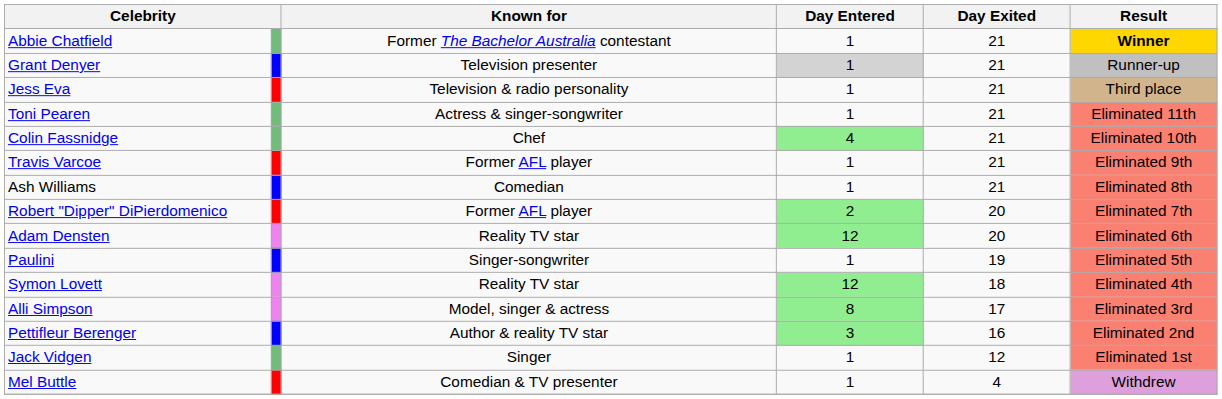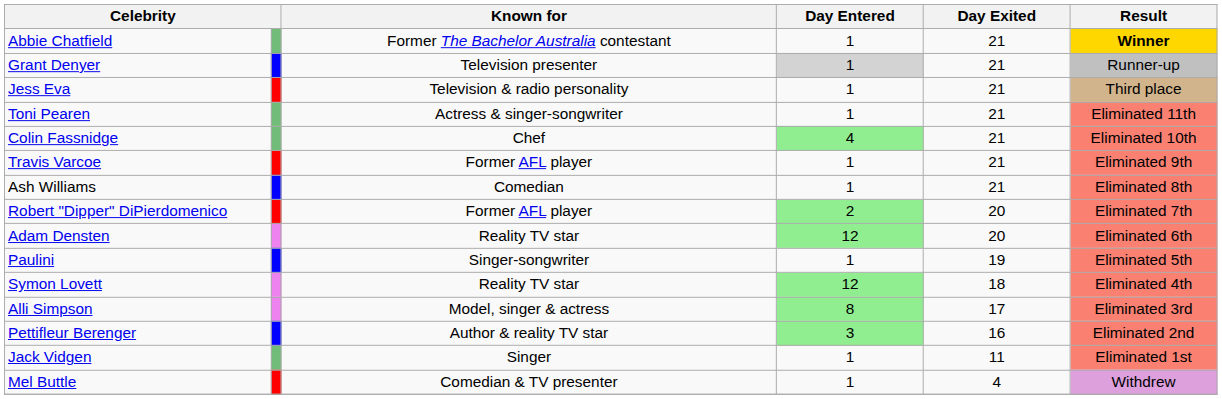 <table class="wikitable" style="margin:auto; text-align:center;">
 <tr>
 <th style="width:15%;" colspan="2">Celebrity</th>
 <th style="width:27%;" scope="col">Known for</th>
 <th style="width:8%;" scope="col">Day Entered</th>
 <th style="width:8%;" scope="col">Day Exited</th>
 <th style="width:8%;" scope="col">Result</th>
 </tr>
 <tr>
 <td align=left><a href='#'>Abbie Chatfield</a></td>
 <td style=background:#71BC78></td>
 <td>Former <em><a href='#'>The Bachelor Australia</a></em> contestant</td>
 <td>1</td>
 <td>21</td>
 <td style=background:gold><strong>Winner</strong></td>
 </tr>
 <tr>
 <td align=left><a href='#'>Grant Denyer</a></td>
 <td style=background:blue></td>
 <td>Television presenter</td>
 <td style="background: lightgrey;">1</td>
 <td>21</td>
 <td style=background:silver>Runner-up</td>
 </tr>
 <tr>
 <td align=left><a href='#'>Jess Eva</a></td>
 <td style=background:red></td>
 <td>Television & radio personality</td>
 <td>1</td>
 <td>21</td>
 <td style=background:tan>Third place</td>
 </tr>
 <tr>
 <td align=left><a href='#'>Toni Pearen</a></td>
 <td style=background:#71BC78></td>
 <td>Actress & singer-songwriter</td>
 <td>1</td>
 <td>21</td>
 <td style="background:salmon">Eliminated 11th</td>
 </tr>
 <tr>
 <td align=left><a href='#'>Colin Fassnidge</a></td>
 <td style=background:#71BC78></td>
 <td>Chef</td>
 <td style=background:lightgreen>4</td>
 <td>21</td>
 <td style="background:salmon">Eliminated 10th</td>
 </tr>
 <tr>
 <td align=left><a href='#'>Travis Varcoe</a></td>
 <td style=background:red></td>
 <td>Former <a href='#'>AFL</a> player</td>
 <td>1</td>
 <td>21</td>
 <td style="background:salmon">Eliminated 9th</td>
 </tr>
 <tr>
 <td align=left>Ash Williams</td>
 <td style=background:blue></td>
 <td>Comedian</td>
 <td>1</td>
 <td>21</td>
 <td style="background:salmon">Eliminated 8th</td>
 </tr>
 <tr>
 <td align=left><a href='#'>Robert "Dipper" DiPierdomenico</a></td>
 <td style=background:red></td>
 <td>Former <a href='#'>AFL</a> player</td>
 <td style=background:lightgreen>2</td>
 <td>20</td>
 <td style="background:salmon">Eliminated 7th</td>
 </tr>
 <tr>
 <td align=left><a href='#'>Adam Densten</a></td>
 <td style=background:violet></td>
 <td>Reality TV star</td>
 <td style=background:lightgreen>12</td>
 <td>20</td>
 <td style="background:salmon">Eliminated 6th</td>
 </tr>
 <tr>
 <td align=left><a href='#'>Paulini</a></td>
 <td style=background:blue></td>
 <td>Singer-songwriter</td>
 <td>1</td>
 <td>19</td>
 <td style="background:salmon">Eliminated 5th</td>
 </tr>
 <tr>
 <td align=left><a href='#'>Symon Lovett</a></td>
 <td style=background:violet></td>
 <td>Reality TV star</td>
 <td style=background:lightgreen>12</td>
 <td>18</td>
 <td style="background:salmon">Eliminated 4th</td>
 </tr>
 <tr>
 <td align=left><a href='#'>Alli Simpson</a></td>
 <td style=background:violet></td>
 <td>Model, singer & actress</td>
 <td style=background:lightgreen>8</td>
 <td>17</td>
 <td style="background:salmon">Eliminated 3rd</td>
 </tr>
 <tr>
 <td align="left"><a href='#'>Pettifleur Berenger</a></td>
 <td style="background:blue"></td>
 <td>Author & reality TV star</td>
 <td style="background:lightgreen">3</td>
 <td>16</td>
 <td style="background:salmon">Eliminated 2nd</td>
 </tr>
 <tr>
 <td align=left><a href='#'>Jack Vidgen</a></td>
 <td style=background:#71BC78></td>
 <td>Singer</td>
 <td>1</td>
-<td>12</td>
+<td>11</td>
 <td style="background:salmon">Eliminated 1st</td>
 </tr>
 <tr>
 <td align=left><a href='#'>Mel Buttle</a></td>
 <td style=background:red></td>
 <td>Comedian & TV presenter</td>
 <td>1</td>
 <td>4</td>
 <td style="background:plum">Withdrew</td>
 </tr>
 <tr>
 </tr>
 </table>
